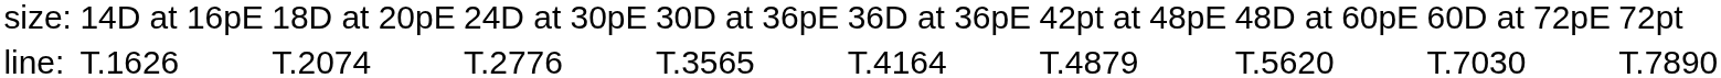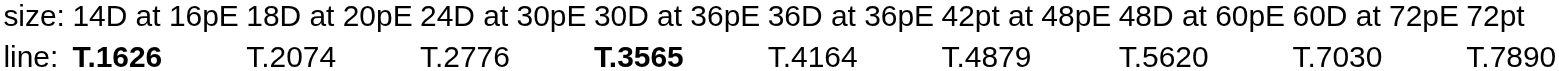 <table style="margin-left:40px;">
 <tr>
 <td>size:</td>
 <td>14D at 16pE</td>
 <td>18D at 20pE</td>
 <td>24D at 30pE</td>
 <td>30D at 36pE</td>
 <td>36D at 36pE</td>
 <td>42pt at 48pE</td>
 <td>48D at 60pE</td>
 <td>60D at 72pE</td>
 <td>72pt</td>
 </tr>
 <tr>
 <td>line:</td>
-<td>T.1626</td>
+<td><strong>T.1626</strong></td>
 <td>T.2074</td>
 <td>T.2776</td>
-<td>T.3565</td>
+<td><strong>T.3565</strong></td>
 <td>T.4164</td>
 <td>T.4879</td>
 <td>T.5620</td>
 <td>T.7030</td>
 <td>T.7890</td>
 </tr>
 </table>
